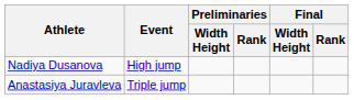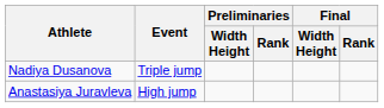 <table class=wikitable style="font-size:90%;">
 <tr>
 <th rowspan="2">Athlete</th>
 <th rowspan="2">Event</th>
 <th colspan="2">Preliminaries</th>
 <th colspan="2">Final</th>
 </tr>
 <tr>
 <th>Width<br>Height</th>
 <th>Rank</th>
 <th>Width<br>Height</th>
 <th>Rank</th>
 </tr>
 <tr style="border-top: single;">
 <td><a href='#'>Nadiya Dusanova</a></td>
-<td><a href='#'>High jump</a></td>
+<td><a href='#'>Triple jump</a></td>
 <td align=center></td>
 <td align=center></td>
 <td align=center></td>
 <td align=center></td>
 </tr>
 <tr style="border-top: single;">
 <td><a href='#'>Anastasiya Juravleva</a></td>
-<td><a href='#'>Triple jump</a></td>
+<td><a href='#'>High jump</a></td>
 <td align=center></td>
 <td align=center></td>
 <td align=center></td>
 <td align=center></td>
 </tr>
 </table>
